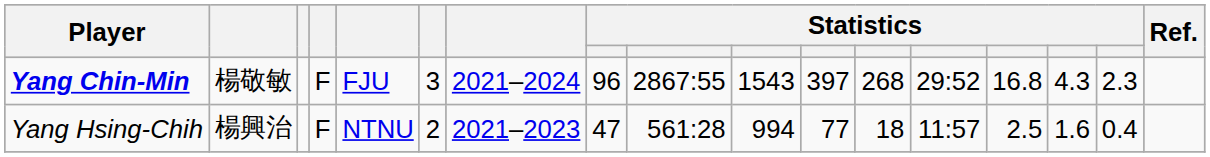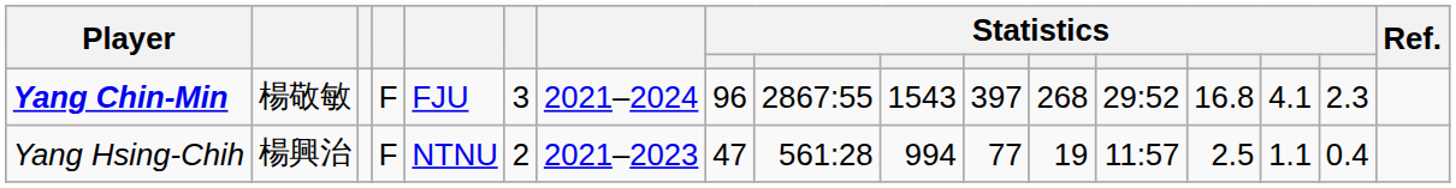 <table class="wikitable sortable" style="font-size:95%; text-align:right;">
 <tr>
 <th rowspan="2">Player</th>
 <th rowspan="2"></th>
 <th rowspan="2"></th>
 <th rowspan="2"></th>
 <th rowspan="2"></th>
 <th rowspan="2"></th>
 <th rowspan="2"></th>
 <th colspan="9">Statistics</th>
 <th rowspan="2">Ref.</th>
 </tr>
 <tr>
 <th></th>
 <th></th>
 <th></th>
 <th></th>
 <th></th>
 <th></th>
 <th></th>
 <th></th>
 <th></th>
 </tr>
 <tr>
 <td align="left"><strong><em><a href='#'>Yang Chin-Min</a></em></strong></td>
 <td align="left">楊敬敏</td>
 <td align="center"></td>
 <td align="center">F</td>
 <td align="left"><a href='#'>FJU</a></td>
 <td align="center">3</td>
 <td align="center"><a href='#'>2021</a>–<a href='#'>2024</a></td>
 <td>96</td>
 <td>2867:55</td>
 <td>1543</td>
 <td>397</td>
 <td>268</td>
 <td>29:52</td>
 <td>16.8</td>
-<td>4.3</td>
+<td>4.1</td>
 <td>2.3</td>
 <td align="center"></td>
 </tr>
 <tr>
 <td align="left"><em>Yang Hsing-Chih</em></td>
 <td align="left">楊興治</td>
 <td align="center"></td>
 <td align="center">F</td>
 <td align="left"><a href='#'>NTNU</a></td>
 <td align="center">2</td>
 <td align="center"><a href='#'>2021</a>–<a href='#'>2023</a></td>
 <td>47</td>
 <td>561:28</td>
 <td>994</td>
 <td>77</td>
-<td>18</td>
+<td>19</td>
 <td>11:57</td>
 <td>2.5</td>
-<td>1.6</td>
+<td>1.1</td>
 <td>0.4</td>
 <td align="center"></td>
 </tr>
 </table>
